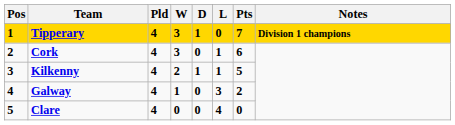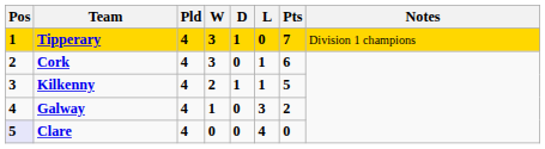 <table class="wikitable" style="text-align: centre;">
 <tr>
 <th width=20>Pos</th>
 <th width=150>Team</th>
 <th width=20>Pld</th>
 <th width=20>W</th>
 <th width=20>D</th>
 <th width=20>L</th>
 <th width=20>Pts</th>
 <th width=250>Notes</th>
 </tr>
 <tr style="background:gold;">
 <td><strong>1</strong></td>
 <td align=left><strong> <a href='#'>Tipperary</a> </strong></td>
 <td><strong>4</strong></td>
 <td><strong>3</strong></td>
 <td><strong>1</strong></td>
 <td><strong>0</strong></td>
 <td><strong>7</strong></td>
-<td><strong><small> Division 1 champions</small></strong></td>
+<td><small> Division 1 champions</small></td>
 </tr>
 <tr>
 <td><strong>2</strong></td>
 <td align=left><strong> <a href='#'>Cork</a> </strong></td>
 <td><strong>4</strong></td>
 <td><strong>3</strong></td>
 <td><strong>0</strong></td>
 <td><strong>1</strong></td>
 <td><strong>6</strong></td>
 </tr>
 <tr>
 <td><strong>3</strong></td>
 <td align=left><strong> <a href='#'>Kilkenny</a> </strong></td>
 <td><strong>4</strong></td>
 <td><strong>2</strong></td>
 <td><strong>1</strong></td>
 <td><strong>1</strong></td>
 <td><strong>5</strong></td>
 </tr>
 <tr>
 <td><strong>4</strong></td>
 <td align=left><strong> <a href='#'>Galway</a> </strong></td>
 <td><strong>4</strong></td>
 <td><strong>1</strong></td>
 <td><strong>0</strong></td>
 <td><strong>3</strong></td>
 <td><strong>2</strong></td>
 </tr>
 <tr>
-<td><strong>5</strong></td>
+<td style="background: lavender;"><strong>5</strong></td>
 <td align=left><strong> <a href='#'>Clare</a> </strong></td>
 <td><strong>4</strong></td>
 <td><strong>0</strong></td>
 <td><strong>0</strong></td>
 <td><strong>4</strong></td>
 <td><strong>0</strong></td>
 </tr>
 </table>
